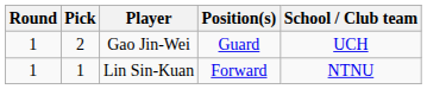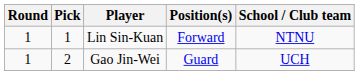 <table class="wikitable sortable sortable">
 <tr>
 <th>Round</th>
 <th>Pick</th>
 <th>Player</th>
 <th>Position(s)</th>
 <th>School / Club team</th>
 </tr>
 <tr style="text-align: center">
 <td>1</td>
+<td>1</td>
+<td>Lin Sin-Kuan</td>
+<td><a href='#'>Forward</a></td>
+<td><a href='#'>NTNU</a></td>
+</tr>
+<tr style="text-align: center">
+<td>1</td>
 <td>2</td>
 <td>Gao Jin-Wei</td>
 <td><a href='#'>Guard</a></td>
 <td><a href='#'>UCH</a></td>
 </tr>
-<tr style="text-align: center">
-<td>1</td>
-<td>1</td>
-<td>Lin Sin-Kuan</td>
-<td><a href='#'>Forward</a></td>
-<td><a href='#'>NTNU</a></td>
-</tr>
 </table>
